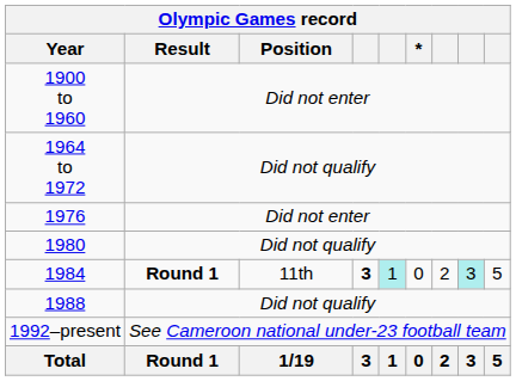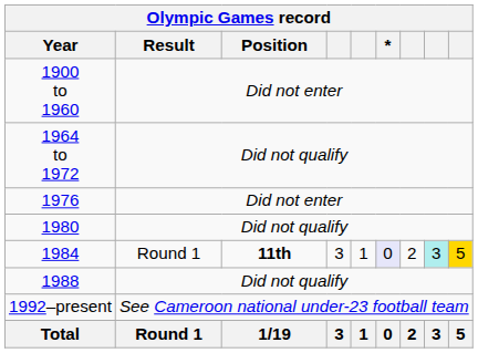 <table class="wikitable" style="text-align: center;">
 <tr>
 <th colspan=9><a href='#'>Olympic Games</a> record</th>
 </tr>
 <tr>
 <th>Year</th>
 <th>Result</th>
 <th>Position</th>
 <th></th>
 <th></th>
 <th>*</th>
 <th></th>
 <th></th>
 <th></th>
 </tr>
 <tr>
 <td> <a href='#'>1900</a> <br> to <br>  <a href='#'>1960</a></td>
 <td colspan=8><em>Did not enter</em></td>
 </tr>
 <tr>
 <td> <a href='#'>1964</a> <br> to <br>  <a href='#'>1972</a></td>
 <td colspan=8><em>Did not qualify</em></td>
 </tr>
 <tr>
 <td> <a href='#'>1976</a></td>
 <td colspan="8"><em>Did not enter</em></td>
 </tr>
 <tr>
 <td> <a href='#'>1980</a></td>
 <td colspan="8"><em>Did not qualify</em></td>
 </tr>
 <tr>
 <td> <a href='#'>1984</a></td>
-<td><strong>Round 1</strong></td>
-<td>11th</td>
-<td><strong>3</strong></td>
-<td style="background: paleturquoise;">1</td>
-<td>0</td>
+<td>Round 1</td>
+<td><strong>11th</strong></td>
+<td>3</td>
+<td>1</td>
+<td style="background: lavender;">0</td>
 <td>2</td>
 <td style="background: paleturquoise;">3</td>
-<td>5</td>
+<td style="background: gold;">5</td>
 </tr>
 <tr>
 <td> <a href='#'>1988</a></td>
 <td colspan=8><em>Did not qualify</em></td>
 </tr>
 <tr>
 <td><a href='#'>1992</a>–present</td>
 <td colspan=8><em>See <a href='#'>Cameroon national under-23 football team</a></em></td>
 </tr>
 <tr>
 <th><strong>Total</strong></th>
 <th>Round 1</th>
 <th>1/19</th>
 <th>3</th>
 <th>1</th>
 <th>0</th>
 <th>2</th>
 <th>3</th>
 <th>5</th>
 </tr>
 </table>
